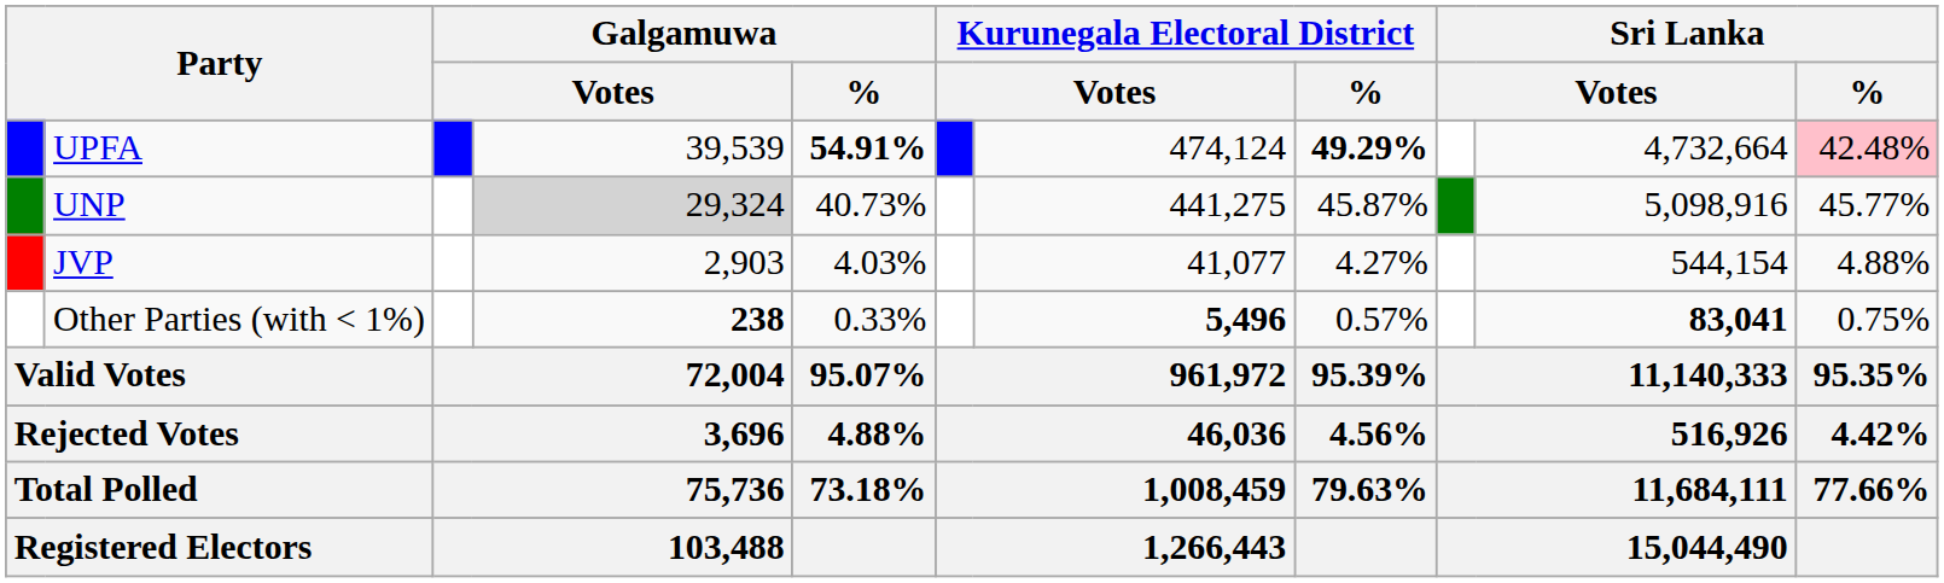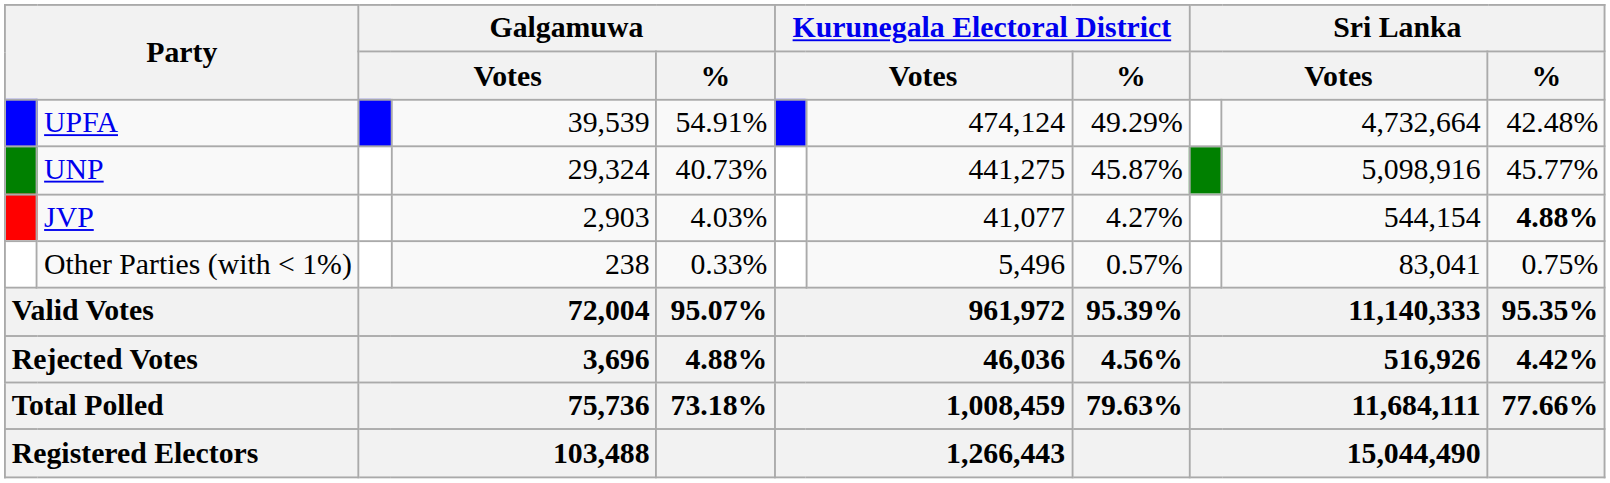 <table class="wikitable">
 <tr>
 <th colspan="2" width="144px"rowspan="2">Party</th>
 <th colspan="3" width="216px">Galgamuwa</th>
 <th colspan="3" width="216px"><a href='#'>Kurunegala Electoral District</a></th>
 <th colspan="3" width="216px">Sri Lanka</th>
 </tr>
 <tr>
 <th colspan="2" width="144px">Votes</th>
 <th>%</th>
 <th colspan="2" width="144px">Votes</th>
 <th>%</th>
 <th colspan="2" width="144px">Votes</th>
 <th>%</th>
 </tr>
 <tr>
 <td style="background-color:blue;" width="10px"></td>
 <td style="text-align:left;"><a href='#'>UPFA</a></td>
 <td style="background-color:blue;" width="10px"></td>
 <td style="text-align:right;">39,539</td>
-<td style="text-align:right;"><strong>54.91%</strong></td>
+<td style="text-align:right;">54.91%</td>
 <td style="background-color:blue;" width="10px"></td>
 <td style="text-align:right;">474,124</td>
-<td style="text-align:right;"><strong>49.29%</strong></td>
+<td style="text-align:right;">49.29%</td>
 <td style="background-color:white;" width="10px"></td>
 <td style="text-align:right;">4,732,664</td>
-<td style="background: pink; text-align:right;">42.48%</td>
+<td style="text-align:right;">42.48%</td>
 </tr>
 <tr>
 <td style="background-color:green;" width="10px"></td>
 <td style="text-align:left;"><a href='#'>UNP</a></td>
 <td style="background-color:white;" width="10px"></td>
-<td style="background: lightgrey; text-align:right;">29,324</td>
+<td style="text-align:right;">29,324</td>
 <td style="text-align:right;">40.73%</td>
 <td style="background-color:white;" width="10px"></td>
 <td style="text-align:right;">441,275</td>
 <td style="text-align:right;">45.87%</td>
 <td style="background-color:green;" width="10px"></td>
 <td style="text-align:right;">5,098,916</td>
 <td style="text-align:right;">45.77%</td>
 </tr>
 <tr>
 <td style="background-color:red;" width="10px"></td>
 <td style="text-align:left;"><a href='#'>JVP</a></td>
 <td style="background-color:white;" width="10px"></td>
 <td style="text-align:right;">2,903</td>
 <td style="text-align:right;">4.03%</td>
 <td style="background-color:white;" width="10px"></td>
 <td style="text-align:right;">41,077</td>
 <td style="text-align:right;">4.27%</td>
 <td style="background-color:white;" width="10px"></td>
 <td style="text-align:right;">544,154</td>
-<td style="text-align:right;">4.88%</td>
+<td style="text-align:right;"><strong>4.88%</strong></td>
 </tr>
 <tr>
 <td style="background-color:white;" width="10px"></td>
 <td style="text-align:left;">Other Parties (with < 1%)</td>
 <td style="background-color:white;" width="10px"></td>
-<td style="text-align:right;"><strong>238</strong></td>
+<td style="text-align:right;">238</td>
 <td style="text-align:right;">0.33%</td>
 <td style="background-color:white;" width="10px"></td>
-<td style="text-align:right;"><strong>5,496</strong></td>
+<td style="text-align:right;">5,496</td>
 <td style="text-align:right;">0.57%</td>
 <td style="background-color:white;" width="10px"></td>
-<td style="text-align:right;"><strong>83,041</strong></td>
+<td style="text-align:right;">83,041</td>
 <td style="text-align:right;">0.75%</td>
 </tr>
 <tr>
 <th colspan="2" width="144px"style="text-align:left;">Valid Votes</th>
 <th style="text-align:right;"colspan="2" width="144px">72,004</th>
 <th style="text-align:right;">95.07%</th>
 <th style="text-align:right;"colspan="2" width="144px">961,972</th>
 <th style="text-align:right;">95.39%</th>
 <th style="text-align:right;"colspan="2" width="144px">11,140,333</th>
 <th style="text-align:right;">95.35%</th>
 </tr>
 <tr>
 <th colspan="2" width="144px"style="text-align:left;">Rejected Votes</th>
 <th style="text-align:right;"colspan="2" width="144px">3,696</th>
 <th style="text-align:right;">4.88%</th>
 <th style="text-align:right;"colspan="2" width="144px">46,036</th>
 <th style="text-align:right;">4.56%</th>
 <th style="text-align:right;"colspan="2" width="144px">516,926</th>
 <th style="text-align:right;">4.42%</th>
 </tr>
 <tr>
 <th colspan="2" width="144px"style="text-align:left;">Total Polled</th>
 <th style="text-align:right;"colspan="2" width="144px">75,736</th>
 <th style="text-align:right;">73.18%</th>
 <th style="text-align:right;"colspan="2" width="144px">1,008,459</th>
 <th style="text-align:right;">79.63%</th>
 <th style="text-align:right;"colspan="2" width="144px">11,684,111</th>
 <th style="text-align:right;">77.66%</th>
 </tr>
 <tr>
 <th colspan="2" width="144px"style="text-align:left;">Registered Electors</th>
 <th style="text-align:right;"colspan="2" width="144px">103,488</th>
 <th></th>
 <th style="text-align:right;"colspan="2" width="144px">1,266,443</th>
 <th></th>
 <th style="text-align:right;"colspan="2" width="144px">15,044,490</th>
 <th></th>
 </tr>
 </table>
